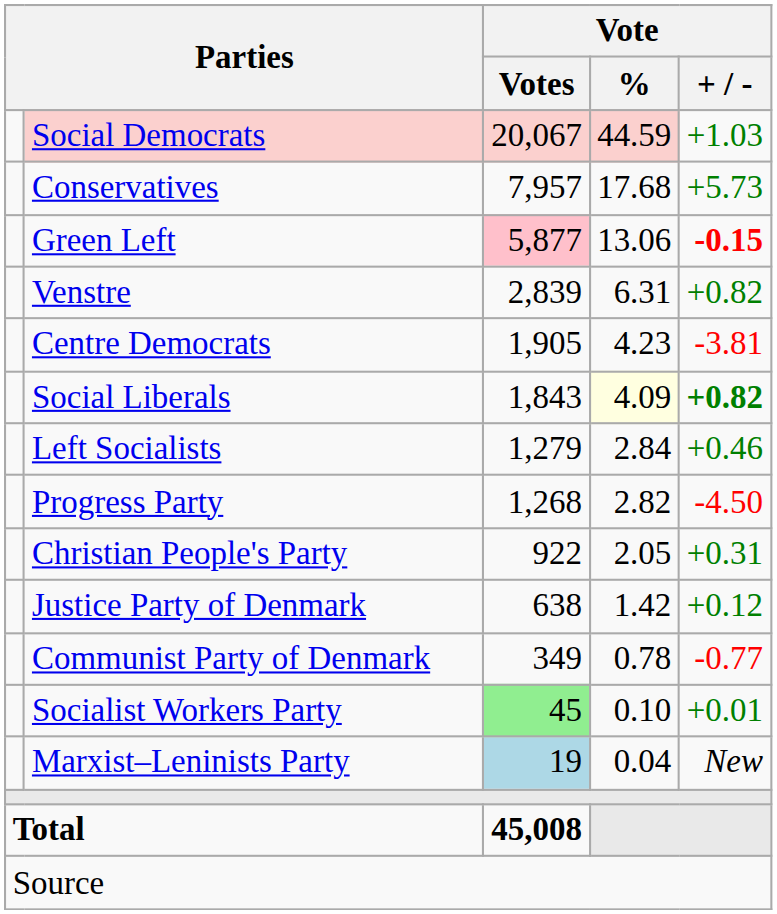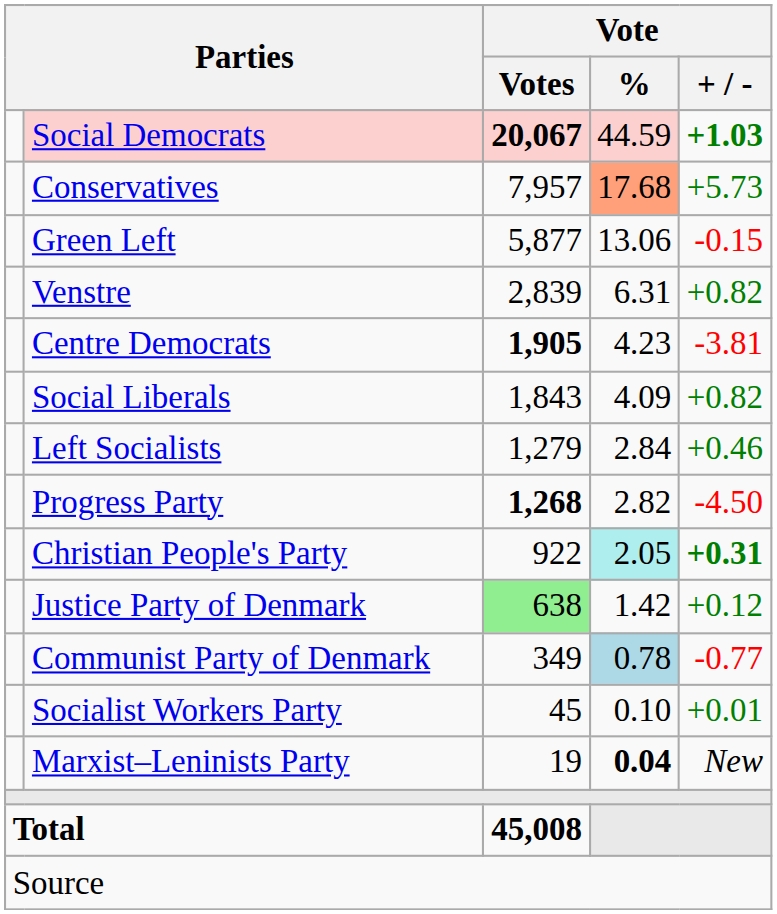 <table class="wikitable" style="text-align:right;">
 <tr>
 <th style="text-align:centre;" rowspan="2" colspan="2" width="225">Parties</th>
 <th colspan="3">Vote</th>
 </tr>
 <tr>
 <th width="15">Votes</th>
 <th width="15">%</th>
 <th width="15">+ / -</th>
 </tr>
 <tr>
 <td width="2" style="color:inherit;background:"></td>
 <td bgcolor=#fbd0ce  align="left"><a href='#'>Social Democrats</a></td>
-<td bgcolor=#fbd0ce>20,067</td>
+<td bgcolor=#fbd0ce><strong>20,067</strong></td>
 <td bgcolor=#fbd0ce>44.59</td>
-<td style=color:green;>+1.03</td>
+<td style=color:green;><strong>+1.03</strong></td>
 </tr>
 <tr>
 <td width="2" style="color:inherit;background:"></td>
 <td align="left"><a href='#'>Conservatives</a></td>
 <td>7,957</td>
-<td>17.68</td>
+<td style="background: lightsalmon;">17.68</td>
 <td style=color:green;>+5.73</td>
 </tr>
 <tr>
 <td width="2" style="color:inherit;background:"></td>
 <td align="left"><a href='#'>Green Left</a></td>
-<td style="background: pink;">5,877</td>
+<td>5,877</td>
 <td>13.06</td>
-<td style=color:red;><strong>-0.15</strong></td>
+<td style=color:red;>-0.15</td>
 </tr>
 <tr>
 <td width="2" style="color:inherit;background:"></td>
 <td align="left"><a href='#'>Venstre</a></td>
 <td>2,839</td>
 <td>6.31</td>
 <td style=color:green;>+0.82</td>
 </tr>
 <tr>
 <td width="2" style="color:inherit;background:"></td>
 <td align="left"><a href='#'>Centre Democrats</a></td>
-<td>1,905</td>
+<td><strong>1,905</strong></td>
 <td>4.23</td>
 <td style=color:red;>-3.81</td>
 </tr>
 <tr>
 <td width="2" style="color:inherit;background:"></td>
 <td align="left"><a href='#'>Social Liberals</a></td>
 <td>1,843</td>
-<td style="background: lightyellow;">4.09</td>
-<td style=color:green;><strong>+0.82</strong></td>
+<td>4.09</td>
+<td style=color:green;>+0.82</td>
 </tr>
 <tr>
 <td width="2" style="color:inherit;background:"></td>
 <td align="left"><a href='#'>Left Socialists</a></td>
 <td>1,279</td>
 <td>2.84</td>
 <td style=color:green;>+0.46</td>
 </tr>
 <tr>
 <td width="2" style="color:inherit;background:"></td>
 <td align="left"><a href='#'>Progress Party</a></td>
-<td>1,268</td>
+<td><strong>1,268</strong></td>
 <td>2.82</td>
 <td style=color:red;>-4.50</td>
 </tr>
 <tr>
 <td width="2" style="color:inherit;background:"></td>
 <td align="left"><a href='#'>Christian People's Party</a></td>
 <td>922</td>
-<td>2.05</td>
-<td style=color:green;>+0.31</td>
+<td style="background: paleturquoise;">2.05</td>
+<td style=color:green;><strong>+0.31</strong></td>
 </tr>
 <tr>
 <td width="2" style="color:inherit;background:"></td>
 <td align="left"><a href='#'>Justice Party of Denmark</a></td>
-<td>638</td>
+<td style="background: lightgreen;">638</td>
 <td>1.42</td>
 <td style=color:green;>+0.12</td>
 </tr>
 <tr>
 <td width="2" style="color:inherit;background:"></td>
 <td align="left"><a href='#'>Communist Party of Denmark</a></td>
 <td>349</td>
-<td>0.78</td>
+<td style="background: lightblue;">0.78</td>
 <td style=color:red;>-0.77</td>
 </tr>
 <tr>
 <td width="2" style="color:inherit;background:"></td>
 <td align="left"><a href='#'>Socialist Workers Party</a></td>
-<td style="background: lightgreen;">45</td>
+<td>45</td>
 <td>0.10</td>
 <td style=color:green;>+0.01</td>
 </tr>
 <tr>
 <td width="2" style="color:inherit;background:"></td>
 <td align="left"><a href='#'>Marxist–Leninists Party</a></td>
-<td style="background: lightblue;">19</td>
-<td>0.04</td>
+<td>19</td>
+<td><strong>0.04</strong></td>
 <td><em>New</em></td>
 </tr>
 <tr>
 <td colspan="7" bgcolor="#E9E9E9"></td>
 </tr>
 <tr>
 <td align="left" colspan="2"><strong>Total</strong></td>
 <td><strong>45,008</strong></td>
 <td bgcolor="#E9E9E9" colspan="2"></td>
 </tr>
 <tr>
 <td align="left" colspan="6">Source</td>
 </tr>
 </table>
